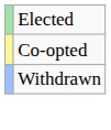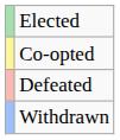 <table class="wikitable">
 <tr>
 <td style="background:#A2E2AA"></td>
 <td>Elected</td>
 </tr>
 <tr>
 <td style="background:#FFF69A"></td>
 <td>Co-opted</td>
 </tr>
 <tr>
+<td style="background:#FBB9B2"></td>
+<td>Defeated</td>
+</tr>
+<tr>
 <td style="background:#9AC0FF"></td>
 <td>Withdrawn</td>
 </tr>
 </table>
